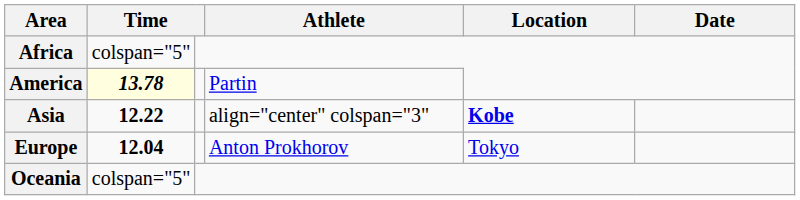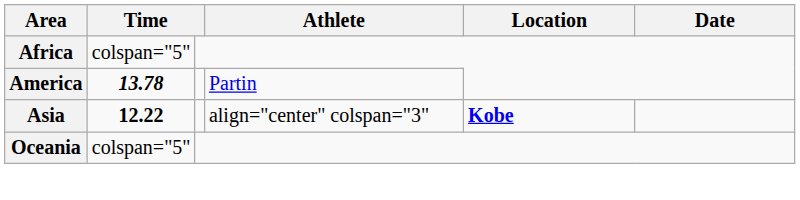 <table class="wikitable">
 <tr>
 <th width="45">Area</th>
 <th width="80" colspan="2">Time</th>
 <th width="200">Athlete</th>
 <th width="130">Location</th>
 <th width="120">Date</th>
 </tr>
 <tr>
 <th>Africa</th>
 <td>colspan="5" </td>
 </tr>
 <tr>
 <th>America</th>
-<td align="center" style="background: lightyellow;"><strong><em>13.78</em></strong></td>
+<td align="center"><strong><em>13.78</em></strong></td>
 <td align="center"></td>
 <td> <a href='#'>Partin</a></td>
 </tr>
 <tr>
 <th>Asia</th>
 <td align="center"><strong>12.22</strong></td>
 <td align="center"></td>
 <td>align="center" colspan="3" </td>
 <td><strong> <a href='#'>Kobe</a></strong></td>
 <td align="right"></td>
 </tr>
 <tr>
-<th>Europe</th>
-<td align="center"><strong>12.04</strong></td>
-<td align="center"><strong></strong></td>
-<td> <a href='#'>Anton Prokhorov</a></td>
-<td> <a href='#'>Tokyo</a></td>
-<td align="right"></td>
-</tr>
-<tr>
 <th>Oceania</th>
 <td>colspan="5" </td>
 </tr>
 </table>
